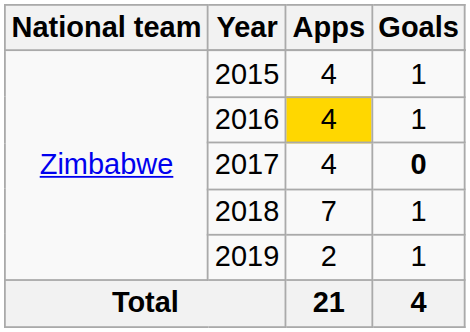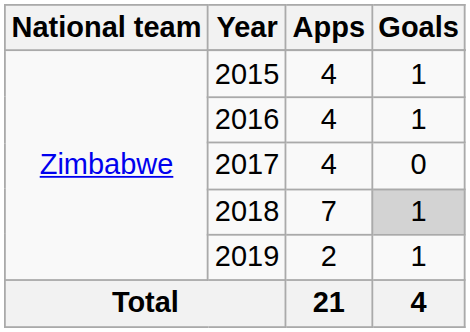 <table class="wikitable" style="text-align:center">
 <tr>
 <th>National team</th>
 <th>Year</th>
 <th>Apps</th>
 <th>Goals</th>
 </tr>
 <tr>
 <td rowspan="6"><a href='#'>Zimbabwe</a></td>
 </tr>
 <tr>
 <td>2015</td>
 <td>4</td>
 <td>1</td>
 </tr>
 <tr>
 <td>2016</td>
-<td style="background: gold;">4</td>
+<td>4</td>
 <td>1</td>
 </tr>
 <tr>
 <td>2017</td>
 <td>4</td>
-<td><strong>0</strong></td>
+<td>0</td>
 </tr>
 <tr>
 <td>2018</td>
 <td>7</td>
-<td>1</td>
+<td style="background: lightgrey;">1</td>
 </tr>
 <tr>
 <td>2019</td>
 <td>2</td>
 <td>1</td>
 </tr>
 <tr>
 <th colspan=2>Total</th>
 <th>21</th>
 <th>4</th>
 </tr>
 </table>
